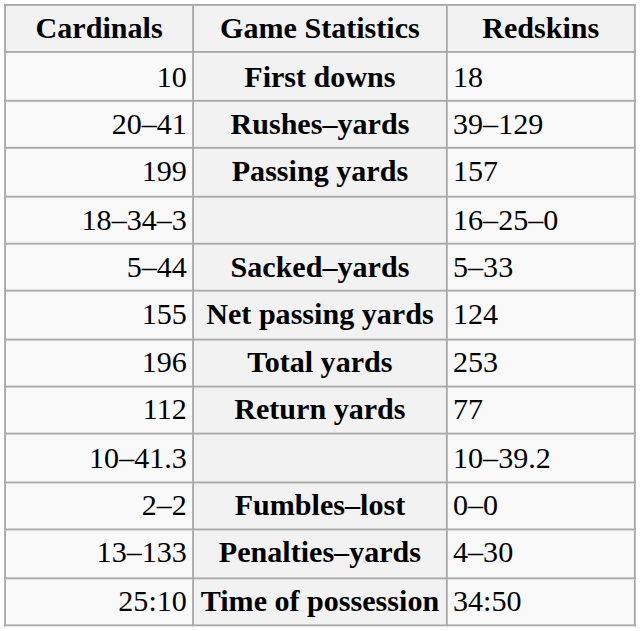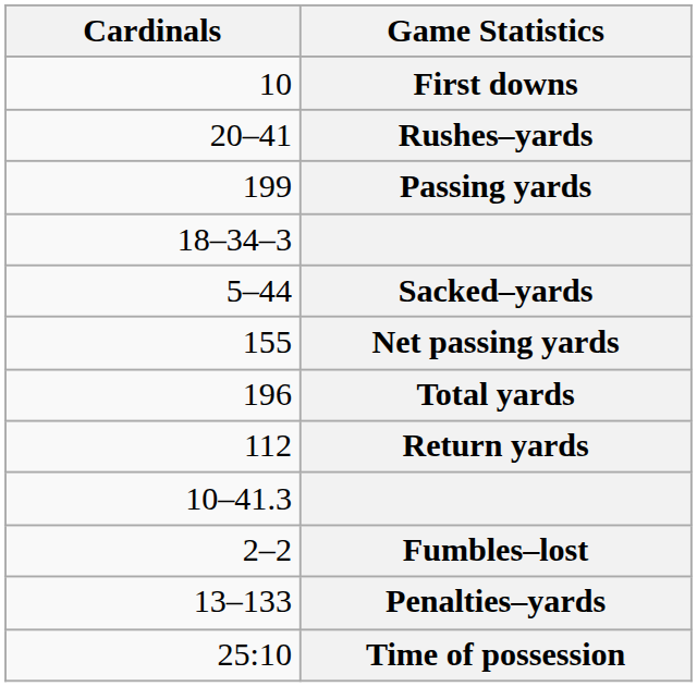 <table class="wikitable" style="margin: 1em auto 1em auto">
 <tr>
 <th style="width:30%;">Cardinals</th>
 <th style="width:40%;">Game Statistics</th>
-<th style="width:30%;">Redskins</th>
 </tr>
 <tr>
 <td style="text-align:right;">10</td>
 <th>First downs</th>
-<td>18</td>
 </tr>
 <tr>
 <td style="text-align:right;">20–41</td>
 <th>Rushes–yards</th>
-<td>39–129</td>
 </tr>
 <tr>
 <td style="text-align:right;">199</td>
 <th>Passing yards</th>
-<td>157</td>
 </tr>
 <tr>
 <td style="text-align:right;">18–34–3</td>
 <th></th>
-<td>16–25–0</td>
 </tr>
 <tr>
 <td style="text-align:right;">5–44</td>
 <th>Sacked–yards</th>
-<td>5–33</td>
 </tr>
 <tr>
 <td style="text-align:right;">155</td>
 <th>Net passing yards</th>
-<td>124</td>
 </tr>
 <tr>
 <td style="text-align:right;">196</td>
 <th>Total yards</th>
-<td>253</td>
 </tr>
 <tr>
 <td style="text-align:right;">112</td>
 <th>Return yards</th>
-<td>77</td>
 </tr>
 <tr>
 <td style="text-align:right;">10–41.3</td>
 <th></th>
-<td>10–39.2</td>
 </tr>
 <tr>
 <td style="text-align:right;">2–2</td>
 <th>Fumbles–lost</th>
-<td>0–0</td>
 </tr>
 <tr>
 <td style="text-align:right;">13–133</td>
 <th>Penalties–yards</th>
-<td>4–30</td>
 </tr>
 <tr>
 <td style="text-align:right;">25:10</td>
 <th>Time of possession</th>
-<td>34:50</td>
 </tr>
 </table>
